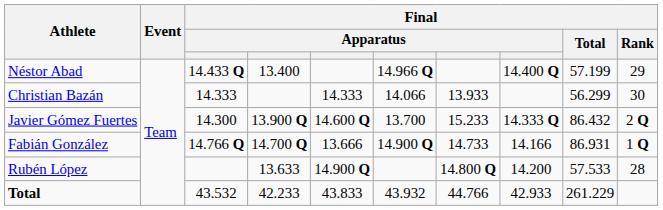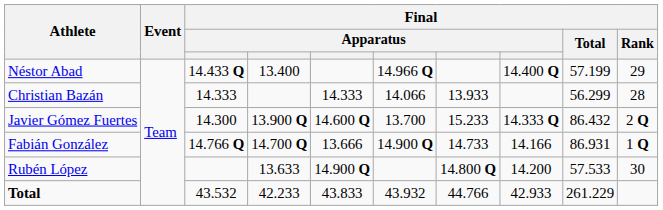 <table class="wikitable" style="font-size:90%">
 <tr>
 <th rowspan=3>Athlete</th>
 <th rowspan=3>Event</th>
 <th colspan =8>Final</th>
 </tr>
 <tr style="font-size:95%">
 <th colspan=6>Apparatus</th>
 <th rowspan=2>Total</th>
 <th rowspan=2>Rank</th>
 </tr>
 <tr style="font-size:95%">
 <th></th>
 <th></th>
 <th></th>
 <th></th>
 <th></th>
 <th></th>
 </tr>
 <tr align=center>
 <td align=left><a href='#'>Néstor Abad</a></td>
 <td align=left rowspan=6><a href='#'>Team</a></td>
 <td>14.433 <strong>Q</strong></td>
 <td>13.400</td>
 <td></td>
 <td>14.966 <strong>Q</strong></td>
 <td></td>
 <td>14.400 <strong>Q</strong></td>
 <td>57.199</td>
 <td>29</td>
 </tr>
 <tr align=center>
 <td align=left><a href='#'>Christian Bazán</a></td>
 <td>14.333</td>
 <td></td>
 <td>14.333</td>
 <td>14.066</td>
 <td>13.933</td>
 <td></td>
 <td>56.299</td>
-<td>30</td>
+<td>28</td>
 </tr>
 <tr align=center>
 <td align=left><a href='#'>Javier Gómez Fuertes</a></td>
 <td>14.300</td>
 <td>13.900 <strong>Q</strong></td>
 <td>14.600 <strong>Q</strong></td>
 <td>13.700</td>
 <td>15.233</td>
 <td>14.333 <strong>Q</strong></td>
 <td>86.432</td>
 <td>2 <strong>Q</strong></td>
 </tr>
 <tr align=center>
 <td align=left><a href='#'>Fabián González</a></td>
 <td>14.766 <strong>Q</strong></td>
 <td>14.700 <strong>Q</strong></td>
 <td>13.666</td>
 <td>14.900 <strong>Q</strong></td>
 <td>14.733</td>
 <td>14.166</td>
 <td>86.931</td>
 <td>1 <strong>Q</strong></td>
 </tr>
 <tr align=center>
 <td align=left><a href='#'>Rubén López</a></td>
 <td></td>
 <td>13.633</td>
 <td>14.900 <strong>Q</strong></td>
 <td></td>
 <td>14.800 <strong>Q</strong></td>
 <td>14.200</td>
 <td>57.533</td>
-<td>28</td>
+<td>30</td>
 </tr>
 <tr align=center>
 <td align=left><strong>Total</strong></td>
 <td>43.532</td>
 <td>42.233</td>
 <td>43.833</td>
 <td>43.932</td>
 <td>44.766</td>
 <td>42.933</td>
 <td>261.229</td>
 <td></td>
 </tr>
 </table>
